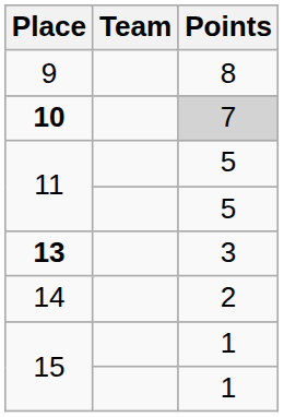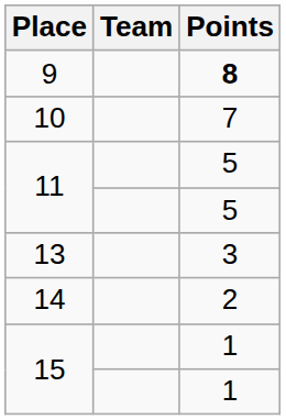 <table class="wikitable" style="text-align:center; margin-bottom:0;">
 <tr>
 <th>Place</th>
 <th style="text-align:left;">Team</th>
 <th>Points</th>
 </tr>
 <tr>
 <td>9</td>
 <td align=left></td>
-<td>8</td>
+<td><strong>8</strong></td>
 </tr>
 <tr>
-<td><strong>10</strong></td>
+<td>10</td>
 <td align=left></td>
-<td style="background: lightgrey;">7</td>
+<td>7</td>
 </tr>
 <tr>
 <td rowspan=2>11</td>
 <td align=left></td>
 <td>5</td>
 </tr>
 <tr>
 <td align=left></td>
 <td>5</td>
 </tr>
 <tr>
-<td><strong>13</strong></td>
+<td>13</td>
 <td align=left></td>
 <td>3</td>
 </tr>
 <tr>
 <td>14</td>
 <td align=left></td>
 <td>2</td>
 </tr>
 <tr>
 <td rowspan=2>15</td>
 <td align=left></td>
 <td>1</td>
 </tr>
 <tr>
 <td align=left></td>
 <td>1</td>
 </tr>
 </table>
